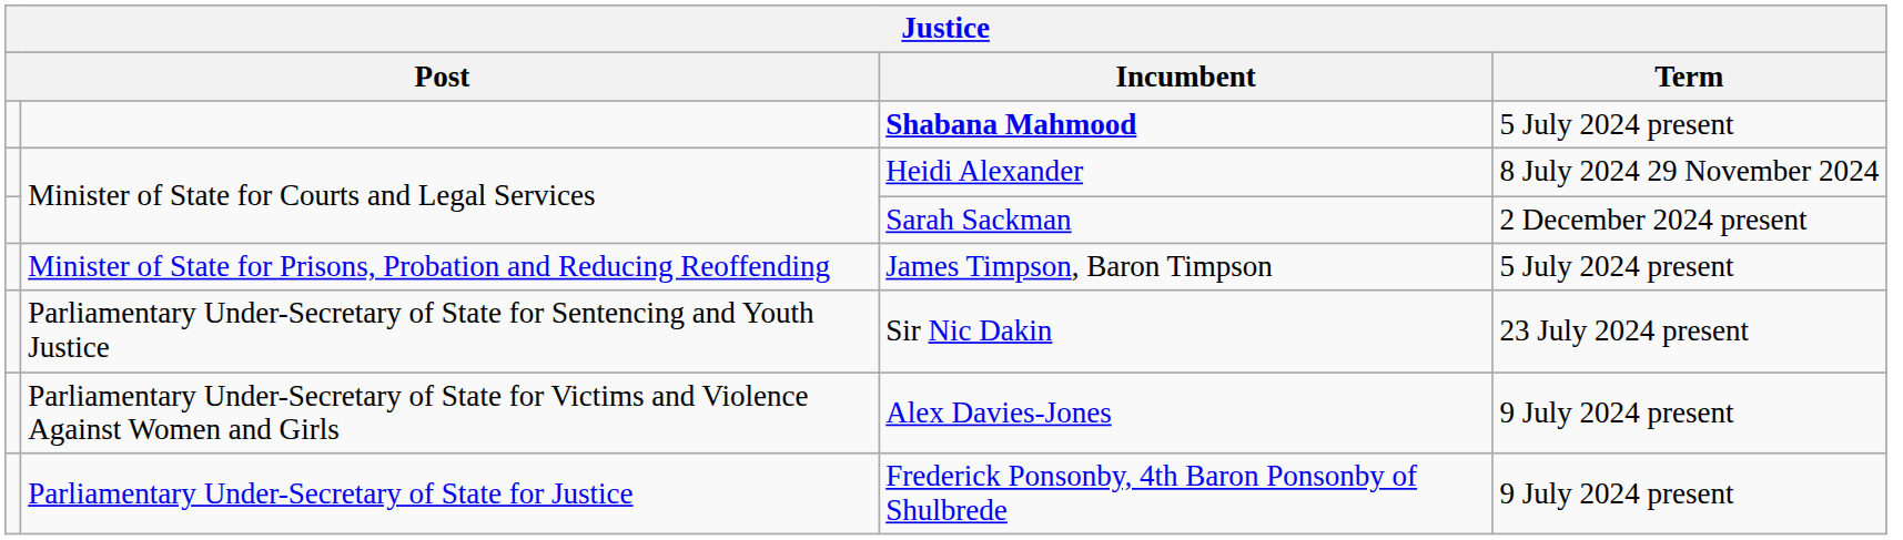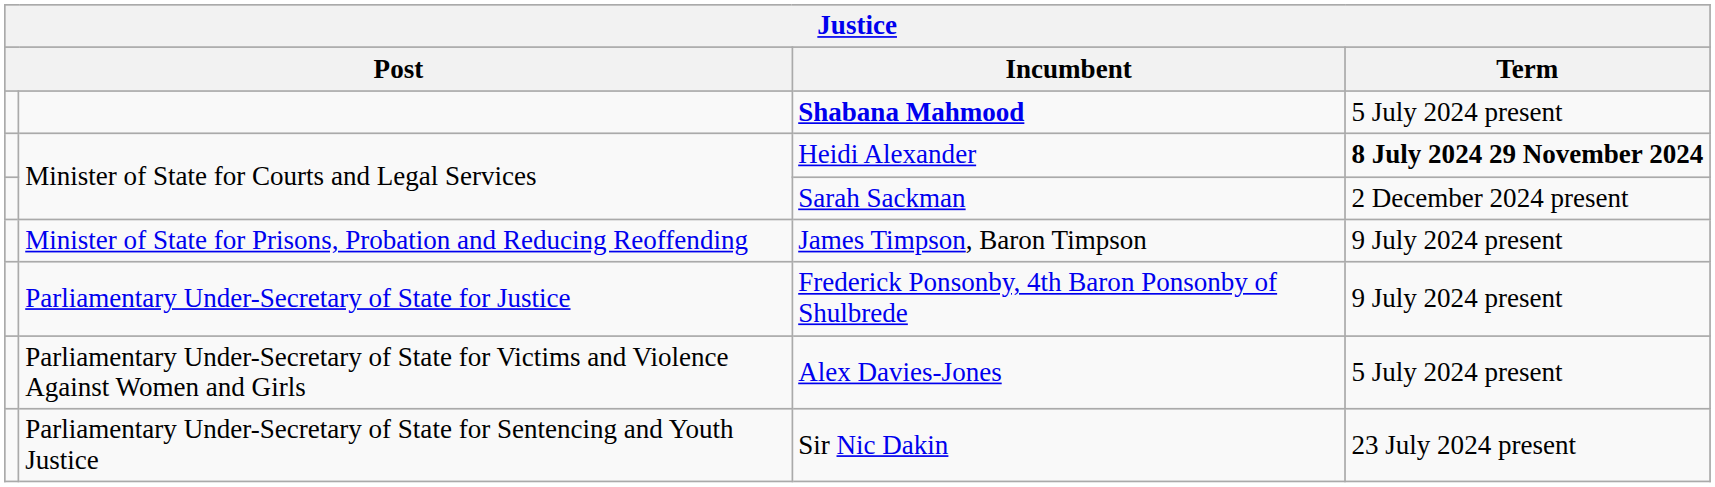 <table class="wikitable">
 <tr>
 <th colspan="4"><a href='#'>Justice</a></th>
 </tr>
 <tr>
 <th colspan="2">Post</th>
 <th>Incumbent</th>
 <th>Term</th>
 </tr>
 <tr>
 <td style="width: 1px; background: "></td>
 <td style="width: 450px;"></td>
 <td style="width: 320px;"><strong><a href='#'>Shabana Mahmood</a></strong></td>
 <td>5 July 2024 present</td>
 </tr>
 <tr>
 <td rowspan="1" style="width: 1px; background: "></td>
 <td rowspan="2">Minister of State for Courts and Legal Services</td>
 <td><a href='#'>Heidi Alexander</a></td>
-<td>8 July 2024 29 November 2024</td>
+<td><strong>8 July 2024 29 November 2024</strong></td>
 </tr>
 <tr>
 <td style="width: 1px; background: "></td>
 <td><a href='#'>Sarah Sackman</a></td>
 <td>2 December 2024 present</td>
 </tr>
 <tr>
 <td style="width: 1px; background: "></td>
 <td><a href='#'>Minister of State for Prisons, Probation and Reducing Reoffending</a></td>
 <td><a href='#'>James Timpson</a>, Baron Timpson </td>
+<td>9 July 2024 present</td>
+</tr>
+<tr>
+<td rowspan="1" style="width: 1px; background: "></td>
+<td rowspan="1"><a href='#'>Parliamentary Under-Secretary of State for Justice</a></td>
+<td><a href='#'>Frederick Ponsonby, 4th Baron Ponsonby of Shulbrede</a> </td>
+<td>9 July 2024 present</td>
+</tr>
+<tr>
+<td rowspan="1" style="width: 1px; background: "></td>
+<td>Parliamentary Under-Secretary of State for Victims and Violence Against Women and Girls</td>
+<td><a href='#'>Alex Davies-Jones</a></td>
 <td>5 July 2024 present</td>
 </tr>
 <tr>
 <td rowspan="1" style="width: 1px; background: "></td>
 <td rowspan="1">Parliamentary Under-Secretary of State for Sentencing and Youth Justice</td>
 <td style="width: 320px;">Sir <a href='#'>Nic Dakin</a> </td>
 <td>23 July 2024 present</td>
 </tr>
-<tr>
-<td rowspan="1" style="width: 1px; background: "></td>
-<td>Parliamentary Under-Secretary of State for Victims and Violence Against Women and Girls</td>
-<td><a href='#'>Alex Davies-Jones</a></td>
-<td>9 July 2024 present</td>
-</tr>
-<tr>
-<td rowspan="1" style="width: 1px; background: "></td>
-<td rowspan="1"><a href='#'>Parliamentary Under-Secretary of State for Justice</a></td>
-<td><a href='#'>Frederick Ponsonby, 4th Baron Ponsonby of Shulbrede</a> </td>
-<td>9 July 2024 present</td>
-</tr>
 </table>
